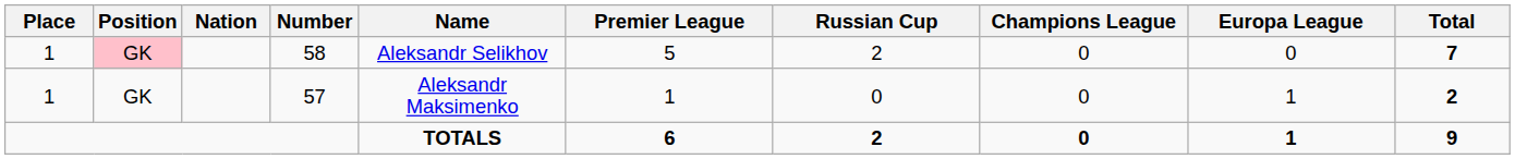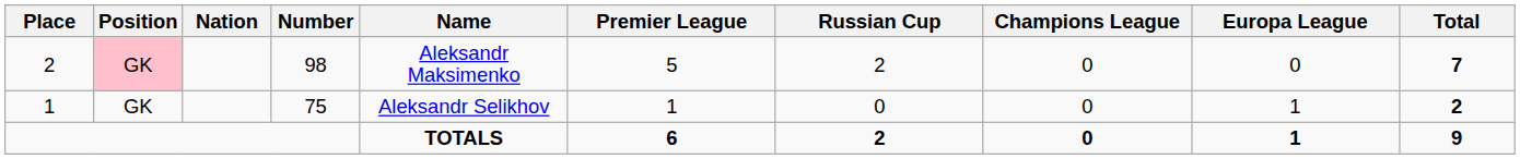 <table class="wikitable" style="font-size: 95%; text-align: center;">
 <tr>
 <th width=60>Place</th>
 <th width=60>Position</th>
 <th width=60>Nation</th>
 <th width=60>Number</th>
 <th width=150>Name</th>
 <th width=150>Premier League</th>
 <th width=150>Russian Cup</th>
 <th width=150>Champions League</th>
 <th width=150>Europa League</th>
 <th width=80>Total</th>
 </tr>
 <tr>
-<td>1</td>
+<td>2</td>
 <td style="background: pink;">GK</td>
 <td></td>
-<td>58</td>
-<td><a href='#'>Aleksandr Selikhov</a></td>
+<td>98</td>
+<td><a href='#'>Aleksandr Maksimenko</a></td>
 <td>5</td>
 <td>2</td>
 <td>0</td>
 <td>0</td>
 <td><strong>7</strong></td>
 </tr>
 <tr>
 <td>1</td>
 <td>GK</td>
 <td></td>
-<td>57</td>
-<td><a href='#'>Aleksandr Maksimenko</a></td>
+<td>75</td>
+<td><a href='#'>Aleksandr Selikhov</a></td>
 <td>1</td>
 <td>0</td>
 <td>0</td>
 <td>1</td>
 <td><strong>2</strong></td>
 </tr>
 <tr>
 <td colspan="4"></td>
 <td><strong>TOTALS</strong></td>
 <td><strong>6</strong></td>
 <td><strong>2</strong></td>
 <td><strong>0</strong></td>
 <td><strong>1</strong></td>
 <td><strong>9</strong></td>
 </tr>
 </table>
